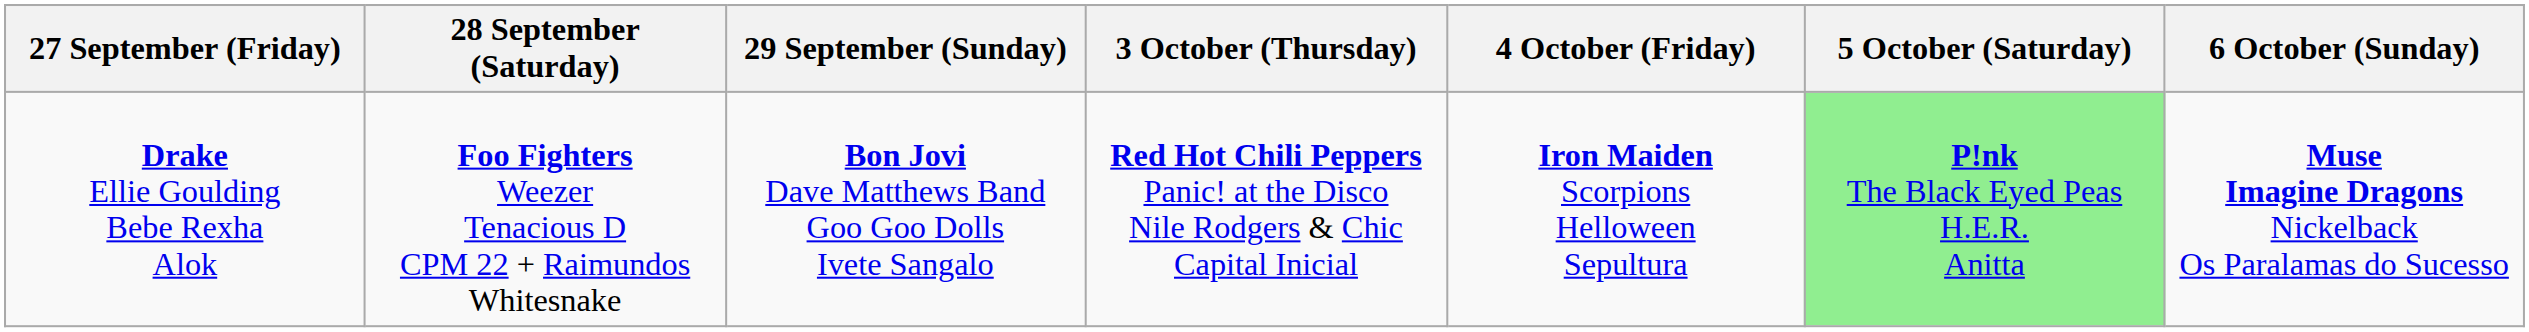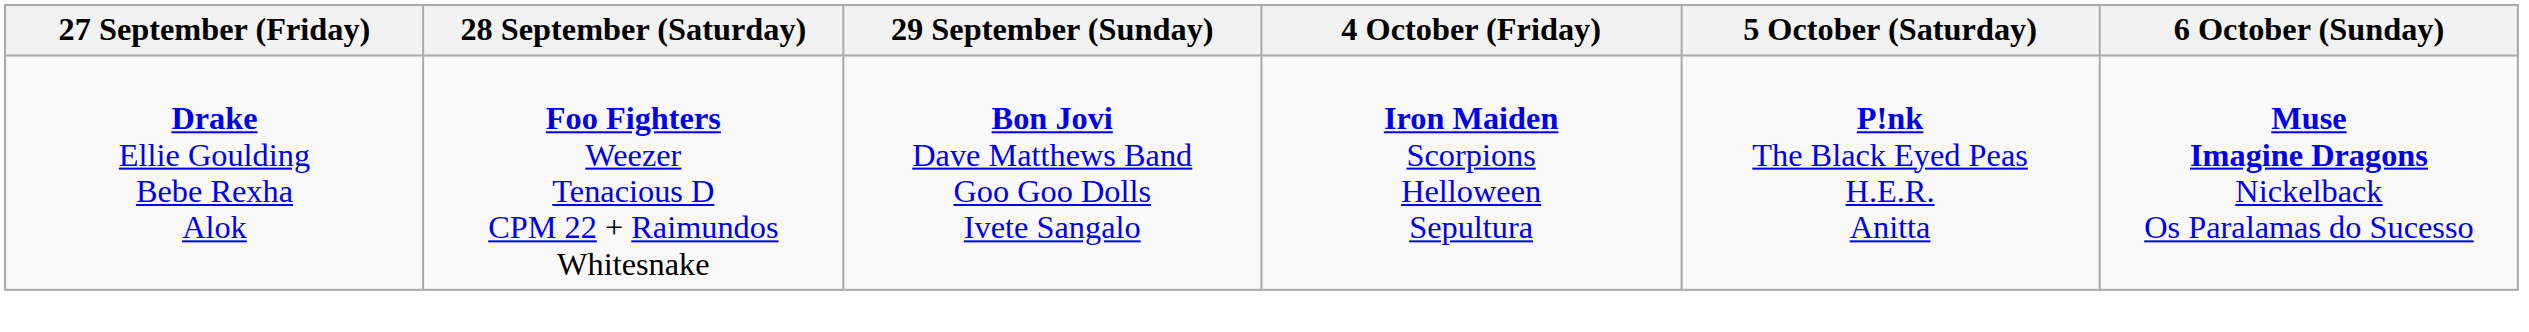 <table class="wikitable">
 <tr>
 <th>27 September (Friday)</th>
 <th>28 September (Saturday)</th>
 <th>29 September (Sunday)</th>
-<th>3 October (Thursday)</th>
 <th>4 October (Friday)</th>
 <th>5 October (Saturday)</th>
 <th>6 October (Sunday)</th>
 </tr>
 <tr>
 <td style="text-align:center; vertical-align:top; width:200px;"><br><strong><a href='#'>Drake</a></strong><br> <a href='#'>Ellie Goulding</a><br> <a href='#'>Bebe Rexha</a><br> <a href='#'>Alok</a></td>
 <td style="text-align:center; vertical-align:top; width:200px;"><br><strong><a href='#'>Foo Fighters</a></strong><br> <a href='#'>Weezer</a><br> <a href='#'>Tenacious D</a><br> <a href='#'>CPM 22</a> + <a href='#'>Raimundos</a> Whitesnake<br></td>
 <td style="text-align:center; vertical-align:top; width:200px;"><br><strong><a href='#'>Bon Jovi</a></strong><br> <a href='#'>Dave Matthews Band</a><br> <a href='#'>Goo Goo Dolls</a><br> <a href='#'>Ivete Sangalo</a></td>
-<td style="text-align:center; vertical-align:top; width:200px;"><br><strong><a href='#'>Red Hot Chili Peppers</a></strong><br> <a href='#'>Panic! at the Disco</a><br> <a href='#'>Nile Rodgers</a> & <a href='#'>Chic</a><br> <a href='#'>Capital Inicial</a></td>
 <td style="text-align:center; vertical-align:top; width:200px;"><br><strong><a href='#'>Iron Maiden</a></strong><br> <a href='#'>Scorpions</a><br> <a href='#'>Helloween</a><br> <a href='#'>Sepultura</a></td>
-<td style="background: lightgreen; text-align:center; vertical-align:top; width:200px;"><br><strong><a href='#'>P!nk</a></strong><br> <a href='#'>The Black Eyed Peas</a><br> <a href='#'>H.E.R.</a><br> <a href='#'>Anitta</a></td>
+<td style="text-align:center; vertical-align:top; width:200px;"><br><strong><a href='#'>P!nk</a></strong><br> <a href='#'>The Black Eyed Peas</a><br> <a href='#'>H.E.R.</a><br> <a href='#'>Anitta</a></td>
 <td style="text-align:center; vertical-align:top; width:200px;"><br><strong><a href='#'>Muse</a></strong><br> <strong><a href='#'>Imagine Dragons</a></strong><br> <a href='#'>Nickelback</a><br> <a href='#'>Os Paralamas do Sucesso</a></td>
 </tr>
 </table>
